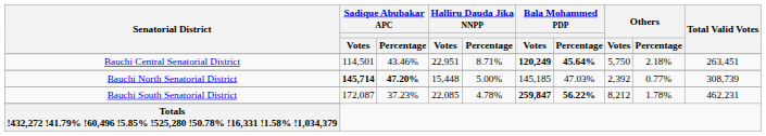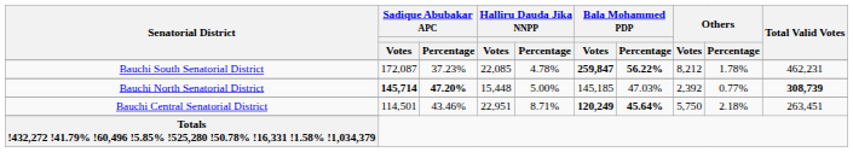 <table class="wikitable sortable" style=" font-size: 90%">
 <tr>
 <th rowspan="3">Senatorial District</th>
 <th colspan="2"><a href='#'>Sadique Abubakar</a><br><small>APC</small></th>
 <th colspan="2"><a href='#'>Halliru Dauda Jika</a><br><small>NNPP</small></th>
 <th colspan="2"><a href='#'>Bala Mohammed</a><br><small>PDP</small></th>
 <th colspan="2" rowspan="2">Others</th>
 <th rowspan="3">Total Valid Votes</th>
 </tr>
 <tr>
 <th colspan=2 style="background-color:"></th>
 <th colspan=2 style="background-color:"></th>
 <th colspan=2 style="background-color:"></th>
 </tr>
 <tr>
 <th>Votes</th>
 <th>Percentage</th>
 <th>Votes</th>
 <th>Percentage</th>
 <th>Votes</th>
 <th>Percentage</th>
 <th>Votes</th>
 <th>Percentage</th>
 </tr>
 <tr>
 </tr>
 <tr>
 </tr>
 <tr style="background-color:#">
+<td align="center"><a href='#'>Bauchi South Senatorial District</a></td>
+<td align="center">172,087</td>
+<td align="center">37.23%</td>
+<td align="center">22,085</td>
+<td align="center">4.78%</td>
+<td align="center"><strong>259,847</strong></td>
+<td align="center"><strong>56.22%</strong></td>
+<td align="center">8,212</td>
+<td align="center">1.78%</td>
+<td align="center">462,231</td>
+</tr>
+<tr>
+</tr>
+<tr style="background-color:#">
+<td align="center"><a href='#'>Bauchi North Senatorial District</a></td>
+<td align="center"><strong>145,714</strong></td>
+<td align="center"><strong>47.20%</strong></td>
+<td align="center">15,448</td>
+<td align="center">5.00%</td>
+<td align="center">145,185</td>
+<td align="center">47.03%</td>
+<td align="center">2,392</td>
+<td align="center">0.77%</td>
+<td align="center"><strong>308,739</strong></td>
+</tr>
+<tr>
+</tr>
+<tr style="background-color:#">
 <td align="center"><a href='#'>Bauchi Central Senatorial District</a></td>
 <td align="center">114,501</td>
 <td align="center">43.46%</td>
 <td align="center">22,951</td>
 <td align="center">8.71%</td>
 <td align="center"><strong>120,249</strong></td>
 <td align="center"><strong>45.64%</strong></td>
 <td align="center">5,750</td>
 <td align="center">2.18%</td>
 <td align="center">263,451</td>
 </tr>
 <tr>
 </tr>
-<tr style="background-color:#">
-<td align="center"><a href='#'>Bauchi North Senatorial District</a></td>
-<td align="center"><strong>145,714</strong></td>
-<td align="center"><strong>47.20%</strong></td>
-<td align="center">15,448</td>
-<td align="center">5.00%</td>
-<td align="center">145,185</td>
-<td align="center">47.03%</td>
-<td align="center">2,392</td>
-<td align="center">0.77%</td>
-<td align="center">308,739</td>
-</tr>
-<tr>
-</tr>
-<tr style="background-color:#">
-<td align="center"><a href='#'>Bauchi South Senatorial District</a></td>
-<td align="center">172,087</td>
-<td align="center">37.23%</td>
-<td align="center">22,085</td>
-<td align="center">4.78%</td>
-<td align="center"><strong>259,847</strong></td>
-<td align="center"><strong>56.22%</strong></td>
-<td align="center">8,212</td>
-<td align="center">1.78%</td>
-<td align="center">462,231</td>
-</tr>
-<tr>
-</tr>
 <tr>
 <th>Totals<br> !432,272  !41.79% !60,496 !5.85%  !525,280  !50.78%  !16,331  !1.58%  !1,034,379</th>
 </tr>
 </table>
